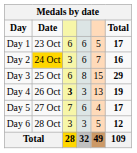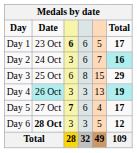 <table class="wikitable sortable collapsible" style="font-size:85%; text-align:center;">
 <tr style="background:#efefef;">
 <th colspan="6"><strong>Medals by date</strong></th>
 </tr>
 <tr>
 <td><strong>Day</strong></td>
 <td><strong>Date</strong></td>
 <td style="background:#F7F6A8;"></td>
 <td style="background:#DCE5E5;"></td>
 <td style="background:#FFDAB9;"></td>
 <td><strong>Total</strong></td>
 </tr>
 <tr>
 <td>Day 1</td>
 <td>23 Oct</td>
-<td style="background:#F7F6A8;">6</td>
+<td style="background:#F7F6A8;"><strong>6</strong></td>
 <td style="background:#DCE5E5;">6</td>
 <td style="background:#FFDAB9;">5</td>
 <td><strong>17</strong></td>
 </tr>
 <tr>
 <td>Day 2</td>
-<td style="background: gold;">24 Oct</td>
+<td>24 Oct</td>
 <td style="background:#F7F6A8;">3</td>
 <td style="background:#DCE5E5;">6</td>
 <td style="background:#FFDAB9;">7</td>
-<td><strong>16</strong></td>
+<td style="background: paleturquoise;"><strong>16</strong></td>
 </tr>
 <tr>
 <td>Day 3</td>
 <td>25 Oct</td>
 <td style="background:#F7F6A8;">6</td>
 <td style="background:#DCE5E5;">8</td>
 <td style="background:#FFDAB9;">15</td>
 <td><strong>29</strong></td>
 </tr>
 <tr>
 <td>Day 4</td>
-<td>26 Oct</td>
-<td style="background:#F7F6A8;"><strong>3</strong></td>
+<td style="background: paleturquoise;">26 Oct</td>
+<td style="background:#F7F6A8;">3</td>
 <td style="background:#DCE5E5;">3</td>
 <td style="background:#FFDAB9;">13</td>
-<td><strong>19</strong></td>
+<td style="background: paleturquoise;"><strong>19</strong></td>
 </tr>
 <tr>
 <td>Day 5</td>
 <td>27 Oct</td>
-<td style="background:#F7F6A8;">7</td>
+<td style="background:#F7F6A8;"><strong>7</strong></td>
 <td style="background:#DCE5E5;">6</td>
 <td style="background:#FFDAB9;">4</td>
 <td><strong>17</strong></td>
 </tr>
 <tr>
 <td>Day 6</td>
-<td>28 Oct</td>
+<td><strong>28 Oct</strong></td>
 <td style="background:#F7F6A8;">3</td>
 <td style="background:#DCE5E5;">3</td>
 <td style="background:#FFDAB9;">5</td>
 <td><strong>12</strong></td>
 </tr>
 <tr>
 <th colspan="2"><strong>Total</strong></th>
 <th style="background:gold;"><strong>28</strong></th>
 <th style="background:silver;"><strong>32</strong></th>
 <th style="background:#c96;"><strong>49</strong></th>
 <th><strong>109</strong></th>
 </tr>
 </table>
